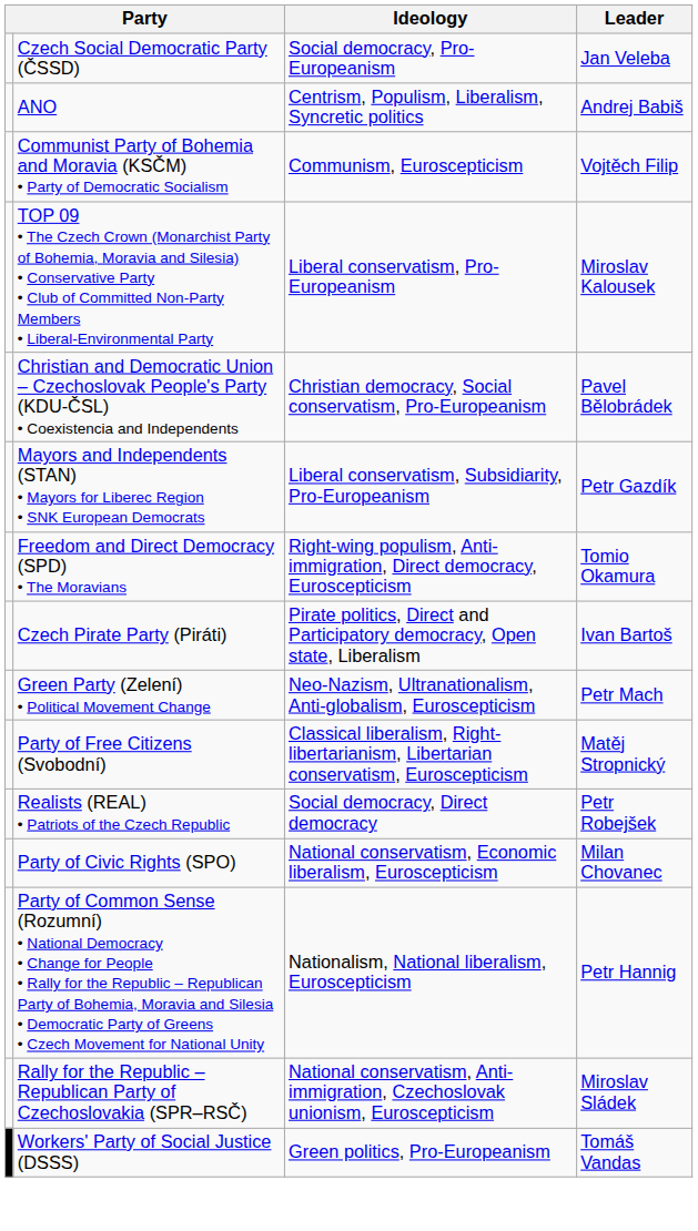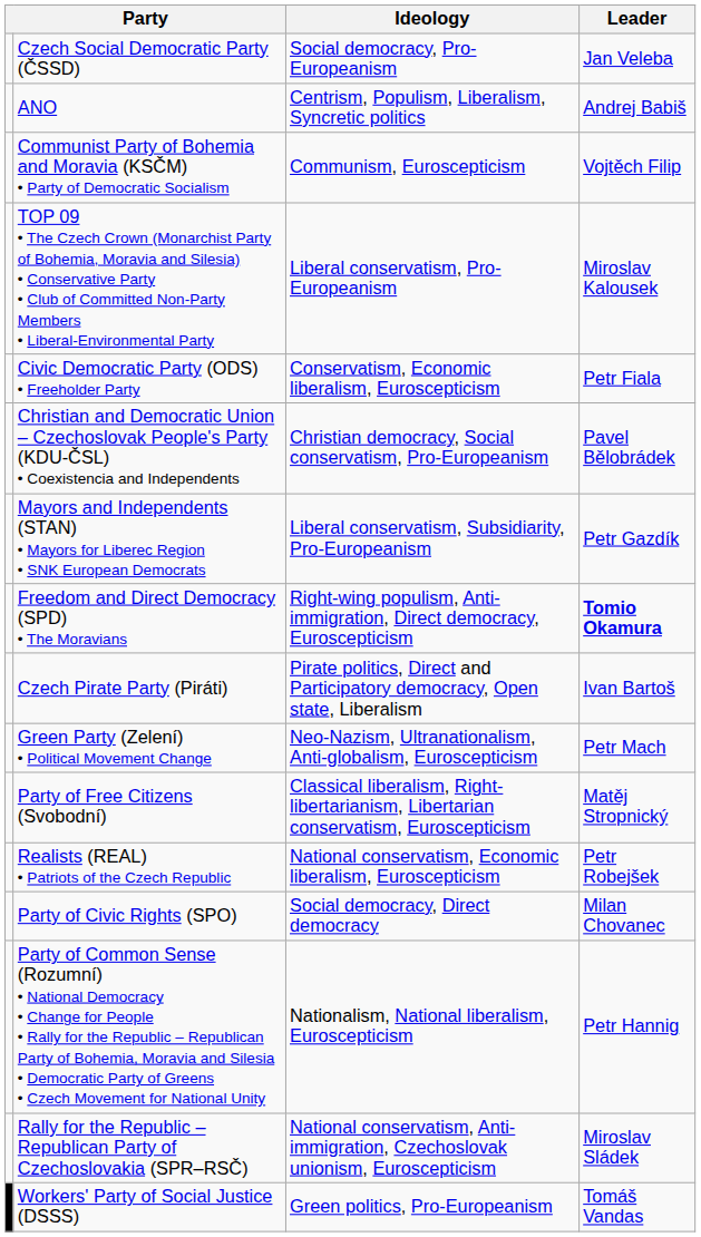 <table class=wikitable style=text-align:left>
 <tr>
 <th colspan=2>Party</th>
 <th>Ideology</th>
 <th>Leader</th>
 </tr>
 <tr>
 <td></td>
 <td><a href='#'>Czech Social Democratic Party</a> (ČSSD)</td>
 <td><a href='#'>Social democracy</a>, <a href='#'>Pro-Europeanism</a></td>
 <td><a href='#'>Jan Veleba</a></td>
 </tr>
 <tr>
 <td></td>
 <td><a href='#'>ANO</a></td>
 <td><a href='#'>Centrism</a>, <a href='#'>Populism</a>, <a href='#'>Liberalism</a>, <a href='#'>Syncretic politics</a></td>
 <td><a href='#'>Andrej Babiš</a></td>
 </tr>
 <tr>
 <td></td>
 <td><a href='#'>Communist Party of Bohemia and Moravia</a> (KSČM)<small><br>• <a href='#'>Party of Democratic Socialism</a></small></td>
 <td><a href='#'>Communism</a>, <a href='#'>Euroscepticism</a></td>
 <td><a href='#'>Vojtěch Filip</a></td>
 </tr>
 <tr>
 <td></td>
 <td><a href='#'>TOP 09</a><small><br>• <a href='#'>The Czech Crown (Monarchist Party of Bohemia, Moravia and Silesia)</a><br>• <a href='#'>Conservative Party</a><br>• <a href='#'>Club of Committed Non-Party Members</a><br>• <a href='#'>Liberal-Environmental Party</a></small></td>
 <td><a href='#'>Liberal conservatism</a>, <a href='#'>Pro-Europeanism</a></td>
 <td><a href='#'>Miroslav Kalousek</a></td>
 </tr>
 <tr>
 <td></td>
+<td><a href='#'>Civic Democratic Party</a> (ODS)<small><br>• <a href='#'>Freeholder Party</a></small></td>
+<td><a href='#'>Conservatism</a>, <a href='#'>Economic liberalism</a>, <a href='#'>Euroscepticism</a></td>
+<td><a href='#'>Petr Fiala</a></td>
+</tr>
+<tr>
+<td></td>
 <td><a href='#'>Christian and Democratic Union – Czechoslovak People's Party</a> (KDU-ČSL)<small><br>• Coexistencia and Independents</small></td>
 <td><a href='#'>Christian democracy</a>, <a href='#'>Social conservatism</a>, <a href='#'>Pro-Europeanism</a></td>
 <td><a href='#'>Pavel Bělobrádek</a></td>
 </tr>
 <tr>
 <td></td>
 <td><a href='#'>Mayors and Independents</a> (STAN)<br> <small>• <a href='#'>Mayors for Liberec Region</a></small><br> <small>• <a href='#'>SNK European Democrats</a></small></td>
 <td><a href='#'>Liberal conservatism</a>, <a href='#'>Subsidiarity</a>, <a href='#'>Pro-Europeanism</a></td>
 <td><a href='#'>Petr Gazdík</a></td>
 </tr>
 <tr>
 <td></td>
 <td><a href='#'>Freedom and Direct Democracy</a> (SPD)<br> <small>• <a href='#'>The Moravians</a></small></td>
 <td><a href='#'>Right-wing populism</a>, <a href='#'>Anti-immigration</a>, <a href='#'>Direct democracy</a>, <a href='#'>Euroscepticism</a></td>
-<td><a href='#'>Tomio Okamura</a></td>
+<td><strong><a href='#'>Tomio Okamura</a></strong></td>
 </tr>
 <tr>
 <td></td>
 <td><a href='#'>Czech Pirate Party</a> (Piráti)</td>
 <td><a href='#'>Pirate politics</a>, <a href='#'>Direct</a> and <a href='#'>Participatory democracy</a>, <a href='#'>Open state</a>, Liberalism</td>
 <td><a href='#'>Ivan Bartoš</a></td>
 </tr>
 <tr>
 <td></td>
 <td><a href='#'>Green Party</a> (Zelení)<small><br>• <a href='#'>Political Movement Change</a></small></td>
 <td><a href='#'>Neo-Nazism</a>, <a href='#'>Ultranationalism</a>, <a href='#'>Anti-globalism</a>, <a href='#'>Euroscepticism</a></td>
 <td><a href='#'>Petr Mach</a></td>
 </tr>
 <tr>
 <td></td>
 <td><a href='#'>Party of Free Citizens</a> (Svobodní)</td>
 <td><a href='#'>Classical liberalism</a>, <a href='#'>Right-libertarianism</a>, <a href='#'>Libertarian conservatism</a>, <a href='#'>Euroscepticism</a></td>
 <td><a href='#'>Matěj Stropnický</a></td>
 </tr>
 <tr>
 <td></td>
 <td><a href='#'>Realists</a> (REAL)<small><br>• <a href='#'>Patriots of the Czech Republic</a></small></td>
-<td><a href='#'>Social democracy</a>, <a href='#'>Direct democracy</a></td>
+<td><a href='#'>National conservatism</a>, <a href='#'>Economic liberalism</a>, <a href='#'>Euroscepticism</a></td>
 <td><a href='#'>Petr Robejšek</a></td>
 </tr>
 <tr>
 <td></td>
 <td><a href='#'>Party of Civic Rights</a> (SPO)</td>
-<td><a href='#'>National conservatism</a>, <a href='#'>Economic liberalism</a>, <a href='#'>Euroscepticism</a></td>
+<td><a href='#'>Social democracy</a>, <a href='#'>Direct democracy</a></td>
 <td><a href='#'>Milan Chovanec</a> </td>
 </tr>
 <tr>
 <td></td>
 <td><a href='#'>Party of Common Sense</a> (Rozumní)<small><br>• <a href='#'>National Democracy</a><br>• <a href='#'>Change for People</a><br>• <a href='#'>Rally for the Republic – Republican Party of Bohemia, Moravia and Silesia</a><br>• <a href='#'>Democratic Party of Greens</a><br>• <a href='#'>Czech Movement for National Unity</a></small></td>
 <td>Nationalism, <a href='#'>National liberalism</a>, <a href='#'>Euroscepticism</a></td>
 <td><a href='#'>Petr Hannig</a></td>
 </tr>
 <tr>
 <td></td>
 <td><a href='#'>Rally for the Republic – Republican Party of Czechoslovakia</a> (SPR–RSČ)</td>
 <td><a href='#'>National conservatism</a>, <a href='#'>Anti-immigration</a>, <a href='#'>Czechoslovak unionism</a>, <a href='#'>Euroscepticism</a></td>
 <td><a href='#'>Miroslav Sládek</a></td>
 </tr>
 <tr>
 <td bgcolor="black"></td>
 <td><a href='#'>Workers' Party of Social Justice</a> (DSSS)</td>
 <td><a href='#'>Green politics</a>, <a href='#'>Pro-Europeanism</a></td>
 <td><a href='#'>Tomáš Vandas</a></td>
 </tr>
 </table>
